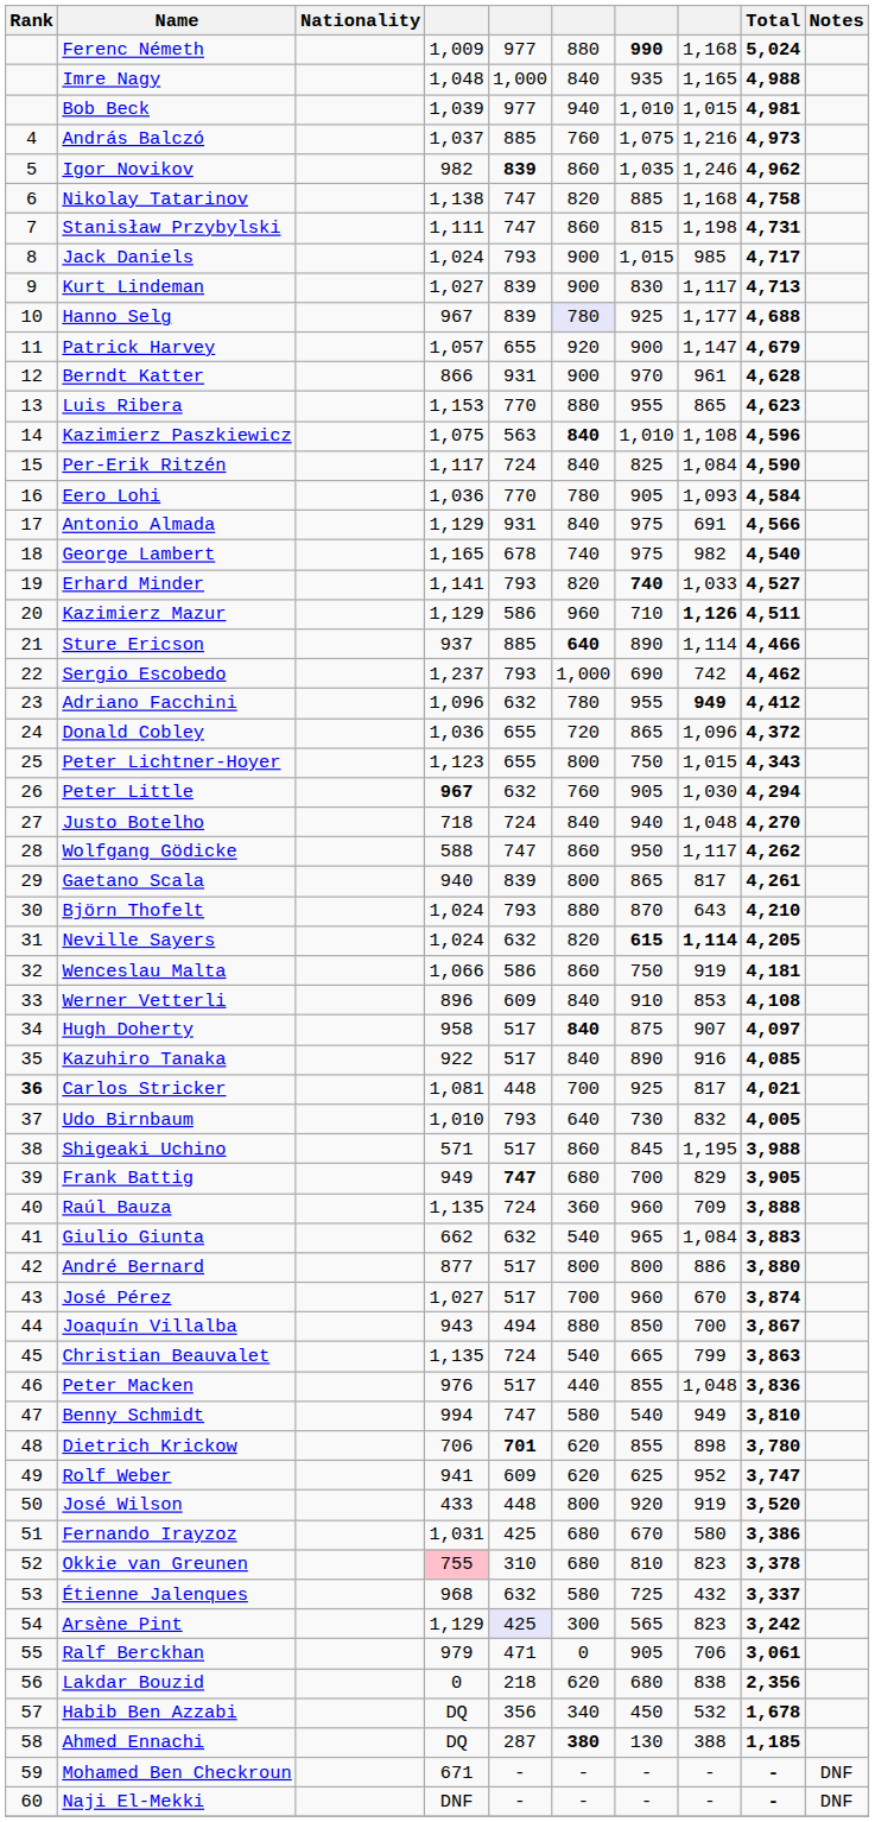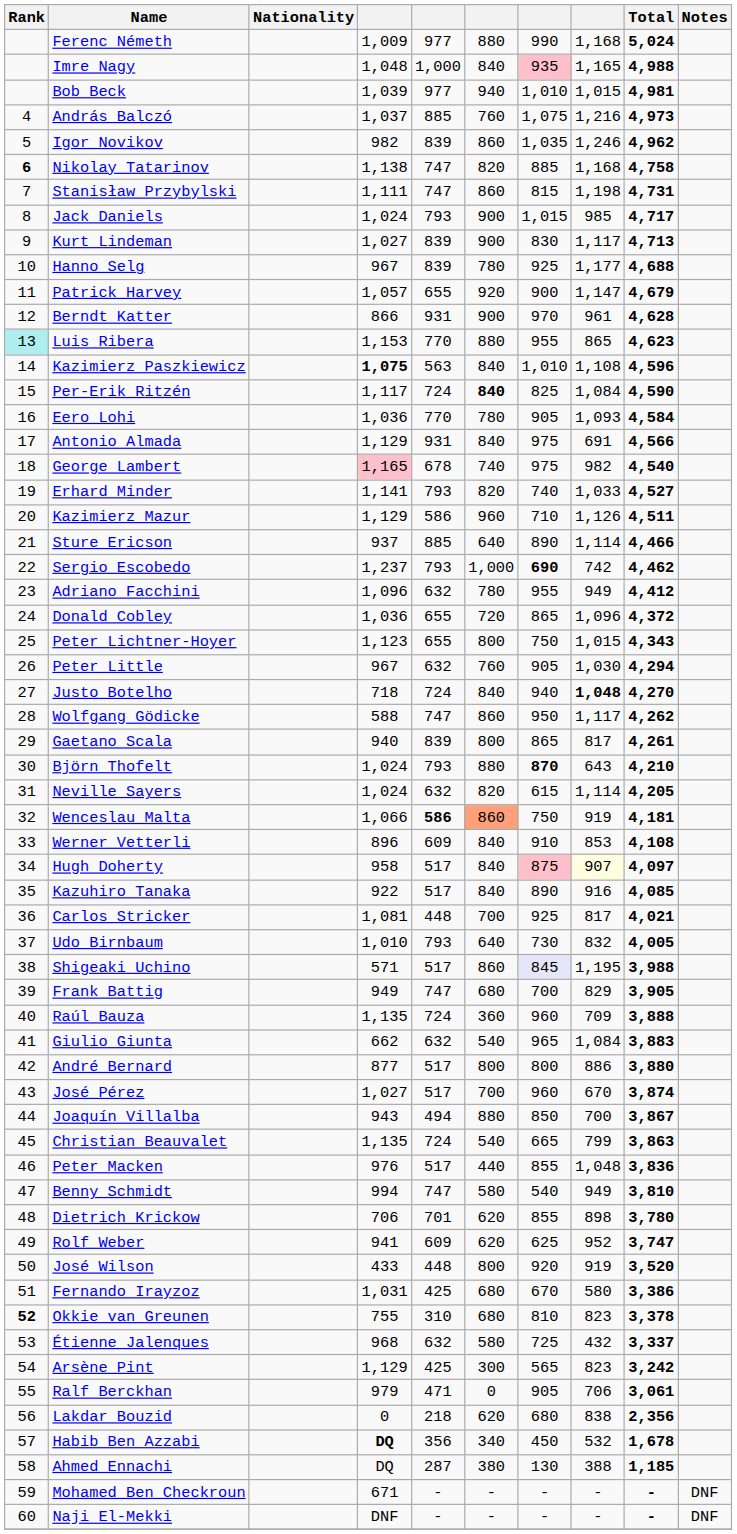 <table class="wikitable sortable" style="text-align:center">
 <tr>
 <th>Rank</th>
 <th>Name</th>
 <th>Nationality</th>
 <th></th>
 <th></th>
 <th></th>
 <th></th>
 <th></th>
 <th>Total</th>
 <th>Notes</th>
 </tr>
 <tr>
 <td></td>
 <td align=left><a href='#'>Ferenc Németh</a></td>
 <td align=left></td>
 <td>1,009</td>
 <td>977</td>
 <td>880</td>
-<td><strong>990</strong></td>
+<td>990</td>
 <td>1,168</td>
 <td><strong>5,024</strong></td>
 <td></td>
 </tr>
 <tr>
 <td></td>
 <td align=left><a href='#'>Imre Nagy</a></td>
 <td align=left></td>
 <td>1,048</td>
 <td>1,000</td>
 <td>840</td>
-<td>935</td>
+<td style="background: pink;">935</td>
 <td>1,165</td>
 <td><strong>4,988</strong></td>
 <td></td>
 </tr>
 <tr>
 <td></td>
 <td align=left><a href='#'>Bob Beck</a></td>
 <td align=left></td>
 <td>1,039</td>
 <td>977</td>
 <td>940</td>
 <td>1,010</td>
 <td>1,015</td>
 <td><strong>4,981</strong></td>
 <td></td>
 </tr>
 <tr>
 <td>4</td>
 <td align=left><a href='#'>András Balczó</a></td>
 <td align=left></td>
 <td>1,037</td>
 <td>885</td>
 <td>760</td>
 <td>1,075</td>
 <td>1,216</td>
 <td><strong>4,973</strong></td>
 <td></td>
 </tr>
 <tr>
 <td>5</td>
 <td align=left><a href='#'>Igor Novikov</a></td>
 <td align=left></td>
 <td>982</td>
-<td><strong>839</strong></td>
+<td>839</td>
 <td>860</td>
 <td>1,035</td>
 <td>1,246</td>
 <td><strong>4,962</strong></td>
 <td></td>
 </tr>
 <tr>
-<td>6</td>
+<td><strong>6</strong></td>
 <td align=left><a href='#'>Nikolay Tatarinov</a></td>
 <td align=left></td>
 <td>1,138</td>
 <td>747</td>
 <td>820</td>
 <td>885</td>
 <td>1,168</td>
 <td><strong>4,758</strong></td>
 <td></td>
 </tr>
 <tr>
 <td>7</td>
 <td align=left><a href='#'>Stanisław Przybylski</a></td>
 <td align=left></td>
 <td>1,111</td>
 <td>747</td>
 <td>860</td>
 <td>815</td>
 <td>1,198</td>
 <td><strong>4,731</strong></td>
 <td></td>
 </tr>
 <tr>
 <td>8</td>
 <td align=left><a href='#'>Jack Daniels</a></td>
 <td align=left></td>
 <td>1,024</td>
 <td>793</td>
 <td>900</td>
 <td>1,015</td>
 <td>985</td>
 <td><strong>4,717</strong></td>
 <td></td>
 </tr>
 <tr>
 <td>9</td>
 <td align=left><a href='#'>Kurt Lindeman</a></td>
 <td align=left></td>
 <td>1,027</td>
 <td>839</td>
 <td>900</td>
 <td>830</td>
 <td>1,117</td>
 <td><strong>4,713</strong></td>
 <td></td>
 </tr>
 <tr>
 <td>10</td>
 <td align=left><a href='#'>Hanno Selg</a></td>
 <td align=left></td>
 <td>967</td>
 <td>839</td>
-<td style="background: lavender;">780</td>
+<td>780</td>
 <td>925</td>
 <td>1,177</td>
 <td><strong>4,688</strong></td>
 <td></td>
 </tr>
 <tr>
 <td>11</td>
 <td align=left><a href='#'>Patrick Harvey</a></td>
 <td align=left></td>
 <td>1,057</td>
 <td>655</td>
 <td>920</td>
 <td>900</td>
 <td>1,147</td>
 <td><strong>4,679</strong></td>
 <td></td>
 </tr>
 <tr>
 <td>12</td>
 <td align=left><a href='#'>Berndt Katter</a></td>
 <td align=left></td>
 <td>866</td>
 <td>931</td>
 <td>900</td>
 <td>970</td>
 <td>961</td>
 <td><strong>4,628</strong></td>
 <td></td>
 </tr>
 <tr>
-<td>13</td>
+<td style="background: paleturquoise;">13</td>
 <td align=left><a href='#'>Luis Ribera</a></td>
 <td align=left></td>
 <td>1,153</td>
 <td>770</td>
 <td>880</td>
 <td>955</td>
 <td>865</td>
 <td><strong>4,623</strong></td>
 <td></td>
 </tr>
 <tr>
 <td>14</td>
 <td align=left><a href='#'>Kazimierz Paszkiewicz</a></td>
 <td align=left></td>
-<td>1,075</td>
+<td><strong>1,075</strong></td>
 <td>563</td>
-<td><strong>840</strong></td>
+<td>840</td>
 <td>1,010</td>
 <td>1,108</td>
 <td><strong>4,596</strong></td>
 <td></td>
 </tr>
 <tr>
 <td>15</td>
 <td align=left><a href='#'>Per-Erik Ritzén</a></td>
 <td align=left></td>
 <td>1,117</td>
 <td>724</td>
-<td>840</td>
+<td><strong>840</strong></td>
 <td>825</td>
 <td>1,084</td>
 <td><strong>4,590</strong></td>
 <td></td>
 </tr>
 <tr>
 <td>16</td>
 <td align=left><a href='#'>Eero Lohi</a></td>
 <td align=left></td>
 <td>1,036</td>
 <td>770</td>
 <td>780</td>
 <td>905</td>
 <td>1,093</td>
 <td><strong>4,584</strong></td>
 <td></td>
 </tr>
 <tr>
 <td>17</td>
 <td align=left><a href='#'>Antonio Almada</a></td>
 <td align=left></td>
 <td>1,129</td>
 <td>931</td>
 <td>840</td>
 <td>975</td>
 <td>691</td>
 <td><strong>4,566</strong></td>
 <td></td>
 </tr>
 <tr>
 <td>18</td>
 <td align=left><a href='#'>George Lambert</a></td>
 <td align=left></td>
-<td>1,165</td>
+<td style="background: pink;">1,165</td>
 <td>678</td>
 <td>740</td>
 <td>975</td>
 <td>982</td>
 <td><strong>4,540</strong></td>
 <td></td>
 </tr>
 <tr>
 <td>19</td>
 <td align=left><a href='#'>Erhard Minder</a></td>
 <td align=left></td>
 <td>1,141</td>
 <td>793</td>
 <td>820</td>
-<td><strong>740</strong></td>
+<td>740</td>
 <td>1,033</td>
 <td><strong>4,527</strong></td>
 <td></td>
 </tr>
 <tr>
 <td>20</td>
 <td align=left><a href='#'>Kazimierz Mazur</a></td>
 <td align=left></td>
 <td>1,129</td>
 <td>586</td>
 <td>960</td>
 <td>710</td>
-<td><strong>1,126</strong></td>
+<td>1,126</td>
 <td><strong>4,511</strong></td>
 <td></td>
 </tr>
 <tr>
 <td>21</td>
 <td align=left><a href='#'>Sture Ericson</a></td>
 <td align=left></td>
 <td>937</td>
 <td>885</td>
-<td><strong>640</strong></td>
+<td>640</td>
 <td>890</td>
 <td>1,114</td>
 <td><strong>4,466</strong></td>
 <td></td>
 </tr>
 <tr>
 <td>22</td>
 <td align=left><a href='#'>Sergio Escobedo</a></td>
 <td align=left></td>
 <td>1,237</td>
 <td>793</td>
 <td>1,000</td>
-<td>690</td>
+<td><strong>690</strong></td>
 <td>742</td>
 <td><strong>4,462</strong></td>
 <td></td>
 </tr>
 <tr>
 <td>23</td>
 <td align=left><a href='#'>Adriano Facchini</a></td>
 <td align=left></td>
 <td>1,096</td>
 <td>632</td>
 <td>780</td>
 <td>955</td>
-<td><strong>949</strong></td>
+<td>949</td>
 <td><strong>4,412</strong></td>
 <td></td>
 </tr>
 <tr>
 <td>24</td>
 <td align=left><a href='#'>Donald Cobley</a></td>
 <td align=left></td>
 <td>1,036</td>
 <td>655</td>
 <td>720</td>
 <td>865</td>
 <td>1,096</td>
 <td><strong>4,372</strong></td>
 <td></td>
 </tr>
 <tr>
 <td>25</td>
 <td align=left><a href='#'>Peter Lichtner-Hoyer</a></td>
 <td align=left></td>
 <td>1,123</td>
 <td>655</td>
 <td>800</td>
 <td>750</td>
 <td>1,015</td>
 <td><strong>4,343</strong></td>
 <td></td>
 </tr>
 <tr>
 <td>26</td>
 <td align=left><a href='#'>Peter Little</a></td>
 <td align=left></td>
-<td><strong>967</strong></td>
+<td>967</td>
 <td>632</td>
 <td>760</td>
 <td>905</td>
 <td>1,030</td>
 <td><strong>4,294</strong></td>
 <td></td>
 </tr>
 <tr>
 <td>27</td>
 <td align=left><a href='#'>Justo Botelho</a></td>
 <td align=left></td>
 <td>718</td>
 <td>724</td>
 <td>840</td>
 <td>940</td>
-<td>1,048</td>
+<td><strong>1,048</strong></td>
 <td><strong>4,270</strong></td>
 <td></td>
 </tr>
 <tr>
 <td>28</td>
 <td align=left><a href='#'>Wolfgang Gödicke</a></td>
 <td align=left></td>
 <td>588</td>
 <td>747</td>
 <td>860</td>
 <td>950</td>
 <td>1,117</td>
 <td><strong>4,262</strong></td>
 <td></td>
 </tr>
 <tr>
 <td>29</td>
 <td align=left><a href='#'>Gaetano Scala</a></td>
 <td align=left></td>
 <td>940</td>
 <td>839</td>
 <td>800</td>
 <td>865</td>
 <td>817</td>
 <td><strong>4,261</strong></td>
 <td></td>
 </tr>
 <tr>
 <td>30</td>
 <td align=left><a href='#'>Björn Thofelt</a></td>
 <td align=left></td>
 <td>1,024</td>
 <td>793</td>
 <td>880</td>
-<td>870</td>
+<td><strong>870</strong></td>
 <td>643</td>
 <td><strong>4,210</strong></td>
 <td></td>
 </tr>
 <tr>
 <td>31</td>
 <td align=left><a href='#'>Neville Sayers</a></td>
 <td align=left></td>
 <td>1,024</td>
 <td>632</td>
 <td>820</td>
-<td><strong>615</strong></td>
-<td><strong>1,114</strong></td>
+<td>615</td>
+<td>1,114</td>
 <td><strong>4,205</strong></td>
 <td></td>
 </tr>
 <tr>
 <td>32</td>
 <td align=left><a href='#'>Wenceslau Malta</a></td>
 <td align=left></td>
 <td>1,066</td>
-<td>586</td>
-<td>860</td>
+<td><strong>586</strong></td>
+<td style="background: lightsalmon;">860</td>
 <td>750</td>
 <td>919</td>
 <td><strong>4,181</strong></td>
 <td></td>
 </tr>
 <tr>
 <td>33</td>
 <td align=left><a href='#'>Werner Vetterli</a></td>
 <td align=left></td>
 <td>896</td>
 <td>609</td>
 <td>840</td>
 <td>910</td>
 <td>853</td>
 <td><strong>4,108</strong></td>
 <td></td>
 </tr>
 <tr>
 <td>34</td>
 <td align=left><a href='#'>Hugh Doherty</a></td>
 <td align=left></td>
 <td>958</td>
 <td>517</td>
-<td><strong>840</strong></td>
-<td>875</td>
-<td>907</td>
+<td>840</td>
+<td style="background: pink;">875</td>
+<td style="background: lightyellow;">907</td>
 <td><strong>4,097</strong></td>
 <td></td>
 </tr>
 <tr>
 <td>35</td>
 <td align=left><a href='#'>Kazuhiro Tanaka</a></td>
 <td align=left></td>
 <td>922</td>
 <td>517</td>
 <td>840</td>
 <td>890</td>
 <td>916</td>
 <td><strong>4,085</strong></td>
 <td></td>
 </tr>
 <tr>
-<td><strong>36</strong></td>
+<td>36</td>
 <td align=left><a href='#'>Carlos Stricker</a></td>
 <td align=left></td>
 <td>1,081</td>
 <td>448</td>
 <td>700</td>
 <td>925</td>
 <td>817</td>
 <td><strong>4,021</strong></td>
 <td></td>
 </tr>
 <tr>
 <td>37</td>
 <td align=left><a href='#'>Udo Birnbaum</a></td>
 <td align=left></td>
 <td>1,010</td>
 <td>793</td>
 <td>640</td>
 <td>730</td>
 <td>832</td>
 <td><strong>4,005</strong></td>
 <td></td>
 </tr>
 <tr>
 <td>38</td>
 <td align=left><a href='#'>Shigeaki Uchino</a></td>
 <td align=left></td>
 <td>571</td>
 <td>517</td>
 <td>860</td>
-<td>845</td>
+<td style="background: lavender;">845</td>
 <td>1,195</td>
 <td><strong>3,988</strong></td>
 <td></td>
 </tr>
 <tr>
 <td>39</td>
 <td align=left><a href='#'>Frank Battig</a></td>
 <td align=left></td>
 <td>949</td>
-<td><strong>747</strong></td>
+<td>747</td>
 <td>680</td>
 <td>700</td>
 <td>829</td>
 <td><strong>3,905</strong></td>
 <td></td>
 </tr>
 <tr>
 <td>40</td>
 <td align=left><a href='#'>Raúl Bauza</a></td>
 <td align=left></td>
 <td>1,135</td>
 <td>724</td>
 <td>360</td>
 <td>960</td>
 <td>709</td>
 <td><strong>3,888</strong></td>
 <td></td>
 </tr>
 <tr>
 <td>41</td>
 <td align=left><a href='#'>Giulio Giunta</a></td>
 <td align=left></td>
 <td>662</td>
 <td>632</td>
 <td>540</td>
 <td>965</td>
 <td>1,084</td>
 <td><strong>3,883</strong></td>
 <td></td>
 </tr>
 <tr>
 <td>42</td>
 <td align=left><a href='#'>André Bernard</a></td>
 <td align=left></td>
 <td>877</td>
 <td>517</td>
 <td>800</td>
 <td>800</td>
 <td>886</td>
 <td><strong>3,880</strong></td>
 <td></td>
 </tr>
 <tr>
 <td>43</td>
 <td align=left><a href='#'>José Pérez</a></td>
 <td align=left></td>
 <td>1,027</td>
 <td>517</td>
 <td>700</td>
 <td>960</td>
 <td>670</td>
 <td><strong>3,874</strong></td>
 <td></td>
 </tr>
 <tr>
 <td>44</td>
 <td align=left><a href='#'>Joaquín Villalba</a></td>
 <td align=left></td>
 <td>943</td>
 <td>494</td>
 <td>880</td>
 <td>850</td>
 <td>700</td>
 <td><strong>3,867</strong></td>
 <td></td>
 </tr>
 <tr>
 <td>45</td>
 <td align=left><a href='#'>Christian Beauvalet</a></td>
 <td align=left></td>
 <td>1,135</td>
 <td>724</td>
 <td>540</td>
 <td>665</td>
 <td>799</td>
 <td><strong>3,863</strong></td>
 <td></td>
 </tr>
 <tr>
 <td>46</td>
 <td align=left><a href='#'>Peter Macken</a></td>
 <td align=left></td>
 <td>976</td>
 <td>517</td>
 <td>440</td>
 <td>855</td>
 <td>1,048</td>
 <td><strong>3,836</strong></td>
 <td></td>
 </tr>
 <tr>
 <td>47</td>
 <td align=left><a href='#'>Benny Schmidt</a></td>
 <td align=left></td>
 <td>994</td>
 <td>747</td>
 <td>580</td>
 <td>540</td>
 <td>949</td>
 <td><strong>3,810</strong></td>
 <td></td>
 </tr>
 <tr>
 <td>48</td>
 <td align=left><a href='#'>Dietrich Krickow</a></td>
 <td align=left></td>
 <td>706</td>
-<td><strong>701</strong></td>
+<td>701</td>
 <td>620</td>
 <td>855</td>
 <td>898</td>
 <td><strong>3,780</strong></td>
 <td></td>
 </tr>
 <tr>
 <td>49</td>
 <td align=left><a href='#'>Rolf Weber</a></td>
 <td align=left></td>
 <td>941</td>
 <td>609</td>
 <td>620</td>
 <td>625</td>
 <td>952</td>
 <td><strong>3,747</strong></td>
 <td></td>
 </tr>
 <tr>
 <td>50</td>
 <td align=left><a href='#'>José Wilson</a></td>
 <td align=left></td>
 <td>433</td>
 <td>448</td>
 <td>800</td>
 <td>920</td>
 <td>919</td>
 <td><strong>3,520</strong></td>
 <td></td>
 </tr>
 <tr>
 <td>51</td>
 <td align=left><a href='#'>Fernando Irayzoz</a></td>
 <td align=left></td>
 <td>1,031</td>
 <td>425</td>
 <td>680</td>
 <td>670</td>
 <td>580</td>
 <td><strong>3,386</strong></td>
 <td></td>
 </tr>
 <tr>
-<td>52</td>
+<td><strong>52</strong></td>
 <td align=left><a href='#'>Okkie van Greunen</a></td>
 <td align=left></td>
-<td style="background: pink;">755</td>
+<td>755</td>
 <td>310</td>
 <td>680</td>
 <td>810</td>
 <td>823</td>
 <td><strong>3,378</strong></td>
 <td></td>
 </tr>
 <tr>
 <td>53</td>
 <td align=left><a href='#'>Étienne Jalenques</a></td>
 <td align=left></td>
 <td>968</td>
 <td>632</td>
 <td>580</td>
 <td>725</td>
 <td>432</td>
 <td><strong>3,337</strong></td>
 <td></td>
 </tr>
 <tr>
 <td>54</td>
 <td align=left><a href='#'>Arsène Pint</a></td>
 <td align=left></td>
 <td>1,129</td>
-<td style="background: lavender;">425</td>
+<td>425</td>
 <td>300</td>
 <td>565</td>
 <td>823</td>
 <td><strong>3,242</strong></td>
 <td></td>
 </tr>
 <tr>
 <td>55</td>
 <td align=left><a href='#'>Ralf Berckhan</a></td>
 <td align=left></td>
 <td>979</td>
 <td>471</td>
 <td>0</td>
 <td>905</td>
 <td>706</td>
 <td><strong>3,061</strong></td>
 <td></td>
 </tr>
 <tr>
 <td>56</td>
 <td align=left><a href='#'>Lakdar Bouzid</a></td>
 <td align=left></td>
 <td>0</td>
 <td>218</td>
 <td>620</td>
 <td>680</td>
 <td>838</td>
 <td><strong>2,356</strong></td>
 <td></td>
 </tr>
 <tr>
 <td>57</td>
 <td align=left><a href='#'>Habib Ben Azzabi</a></td>
 <td align=left></td>
-<td>DQ</td>
+<td><strong>DQ</strong></td>
 <td>356</td>
 <td>340</td>
 <td>450</td>
 <td>532</td>
 <td><strong>1,678</strong></td>
 <td></td>
 </tr>
 <tr>
 <td>58</td>
 <td align=left><a href='#'>Ahmed Ennachi</a></td>
 <td align=left></td>
 <td>DQ</td>
 <td>287</td>
-<td><strong>380</strong></td>
+<td>380</td>
 <td>130</td>
 <td>388</td>
 <td><strong>1,185</strong></td>
 <td></td>
 </tr>
 <tr>
 <td>59</td>
 <td align=left><a href='#'>Mohamed Ben Checkroun</a></td>
 <td align=left></td>
 <td>671</td>
 <td>-</td>
 <td>-</td>
 <td>-</td>
 <td>-</td>
 <td><strong>-</strong></td>
 <td>DNF</td>
 </tr>
 <tr>
 <td>60</td>
 <td align=left><a href='#'>Naji El-Mekki</a></td>
 <td align=left></td>
 <td>DNF</td>
 <td>-</td>
 <td>-</td>
 <td>-</td>
 <td>-</td>
 <td><strong>-</strong></td>
 <td>DNF</td>
 </tr>
 <tr>
 </tr>
 </table>
